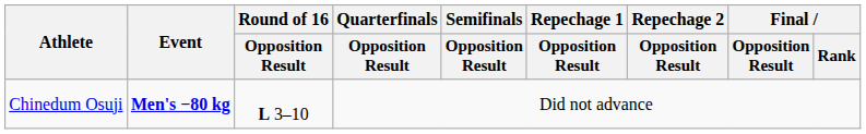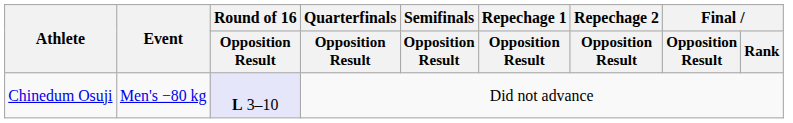 <table class="wikitable" style="font-size:90%;">
 <tr>
 <th rowspan=2>Athlete</th>
 <th rowspan=2>Event</th>
 <th>Round of 16</th>
 <th>Quarterfinals</th>
 <th>Semifinals</th>
 <th>Repechage 1</th>
 <th>Repechage 2</th>
 <th colspan=2>Final / </th>
 </tr>
 <tr style="font-size:95%">
 <th>Opposition<br>Result</th>
 <th>Opposition<br>Result</th>
 <th>Opposition<br>Result</th>
 <th>Opposition<br>Result</th>
 <th>Opposition<br>Result</th>
 <th>Opposition<br>Result</th>
 <th>Rank</th>
 </tr>
 <tr align=center>
 <td align=left><a href='#'>Chinedum Osuji</a></td>
-<td align=left><strong><a href='#'>Men's −80 kg</a></strong></td>
-<td><br><strong>L</strong> 3–10</td>
+<td align=left><a href='#'>Men's −80 kg</a></td>
+<td style="background: lavender;"><br><strong>L</strong> 3–10</td>
 <td colspan=6>Did not advance</td>
 </tr>
 </table>
